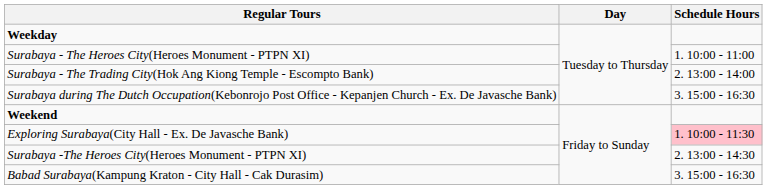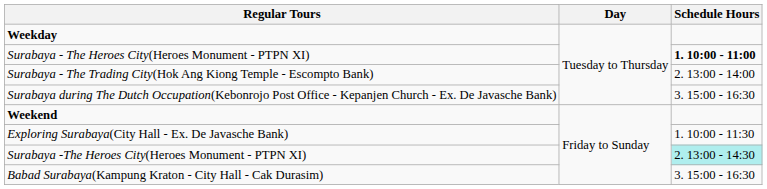 <table class="wikitable">
 <tr>
 <th>Regular Tours</th>
 <th>Day</th>
 <th>Schedule Hours</th>
 </tr>
 <tr>
 <td><strong>Weekday</strong></td>
 <td rowspan="4">Tuesday to Thursday</td>
 <td></td>
 </tr>
 <tr>
 <td><em>Surabaya - The Heroes City</em>(Heroes Monument - PTPN XI)</td>
-<td>1. 10:00 - 11:00</td>
+<td><strong>1. 10:00 - 11:00</strong></td>
 </tr>
 <tr>
 <td><em>Surabaya - The Trading City</em>(Hok Ang Kiong Temple - Escompto Bank)</td>
 <td>2. 13:00 - 14:00</td>
 </tr>
 <tr>
 <td><em>Surabaya during The Dutch Occupation</em>(Kebonrojo Post Office - Kepanjen Church - Ex. De Javasche Bank)</td>
 <td>3. 15:00 - 16:30</td>
 </tr>
 <tr>
 <td><strong>Weekend</strong></td>
 <td rowspan="4">Friday to Sunday</td>
 <td></td>
 </tr>
 <tr>
 <td><em>Exploring Surabaya</em>(City Hall - Ex. De Javasche Bank)</td>
-<td style="background: pink;">1. 10:00 - 11:30</td>
+<td>1. 10:00 - 11:30</td>
 </tr>
 <tr>
 <td><em>Surabaya -The Heroes City</em>(Heroes Monument - PTPN XI)</td>
-<td>2. 13:00 - 14:30</td>
+<td style="background: paleturquoise;">2. 13:00 - 14:30</td>
 </tr>
 <tr>
 <td><em>Babad Surabaya</em>(Kampung Kraton - City Hall - Cak Durasim)</td>
 <td>3. 15:00 - 16:30</td>
 </tr>
 </table>
